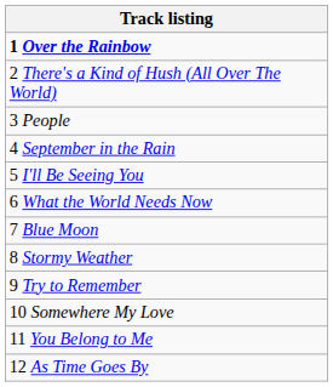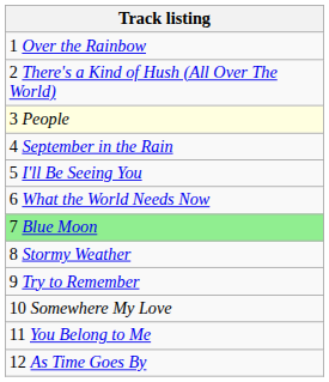 <table class="wikitable collapsible collapsed" style="width:300px;">
 <tr>
 <th>Track listing</th>
 </tr>
 <tr>
-<td><strong>1 <em><a href='#'>Over the Rainbow</a></em></strong></td>
+<td>1 <em><a href='#'>Over the Rainbow</a></em></td>
 </tr>
 <tr>
 <td>2 <em><a href='#'>There's a Kind of Hush (All Over The World)</a></em></td>
 </tr>
 <tr>
-<td>3 <em>People</em></td>
+<td style="background: lightyellow;">3 <em>People</em></td>
 </tr>
 <tr>
 <td>4 <em><a href='#'>September in the Rain</a></em></td>
 </tr>
 <tr>
 <td>5 <em><a href='#'>I'll Be Seeing You</a></em></td>
 </tr>
 <tr>
 <td>6 <em><a href='#'>What the World Needs Now</a></em></td>
 </tr>
 <tr>
-<td>7 <em><a href='#'>Blue Moon</a></em></td>
+<td style="background: lightgreen;">7 <em><a href='#'>Blue Moon</a></em></td>
 </tr>
 <tr>
 <td>8 <em><a href='#'>Stormy Weather</a></em></td>
 </tr>
 <tr>
 <td>9 <em><a href='#'>Try to Remember</a></em></td>
 </tr>
 <tr>
 <td>10 <em>Somewhere My Love</em></td>
 </tr>
 <tr>
 <td>11 <em><a href='#'>You Belong to Me</a></em></td>
 </tr>
 <tr>
 <td>12 <em><a href='#'>As Time Goes By</a></em></td>
 </tr>
 </table>
